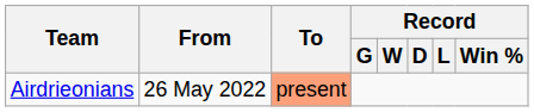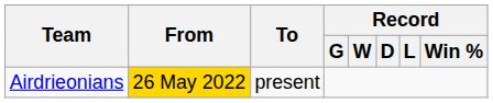 <table class="wikitable" style="text-align: center">
 <tr>
 <th rowspan="2">Team</th>
 <th rowspan="2">From</th>
 <th rowspan="2">To</th>
 <th colspan="5">Record</th>
 </tr>
 <tr>
 <th>G</th>
 <th>W</th>
 <th>D</th>
 <th>L</th>
 <th>Win %</th>
 </tr>
 <tr>
 <td align=left><a href='#'>Airdrieonians</a></td>
-<td align=left>26 May 2022</td>
-<td align=left style="background: lightsalmon;">present<br></td>
+<td align=left style="background: gold;">26 May 2022</td>
+<td align=left>present<br></td>
 </tr>
 </table>
